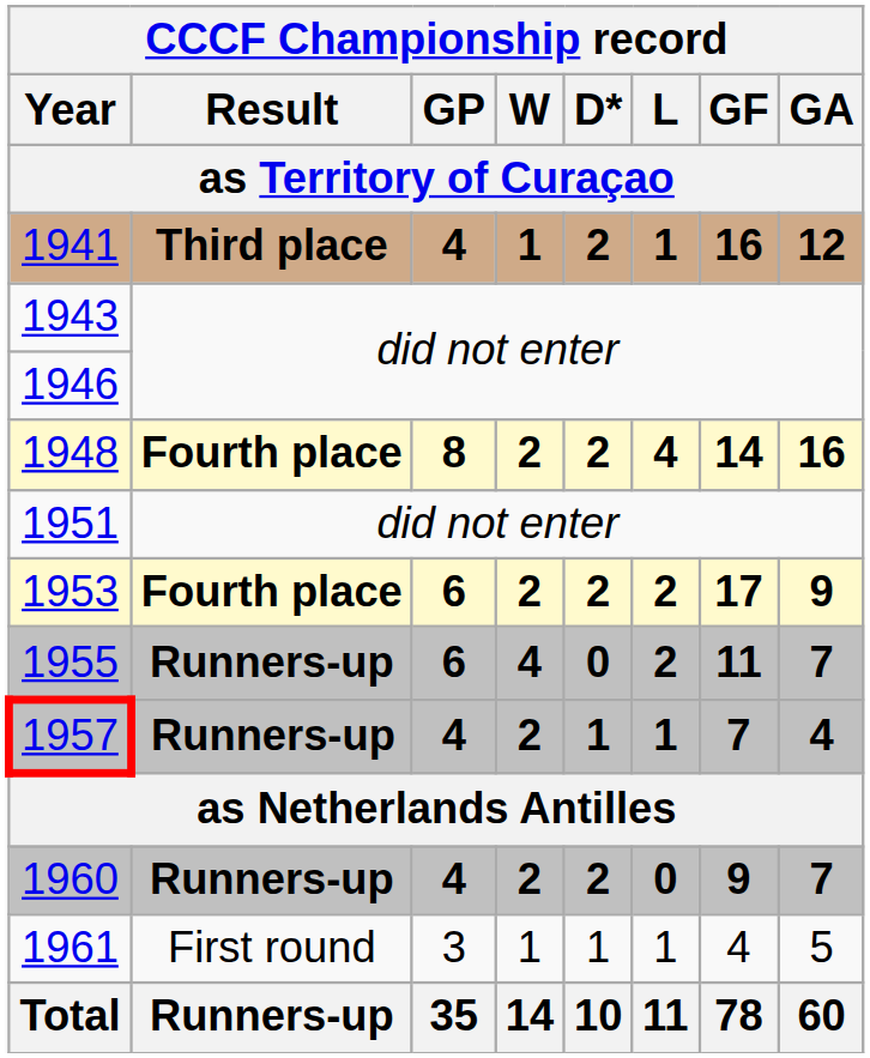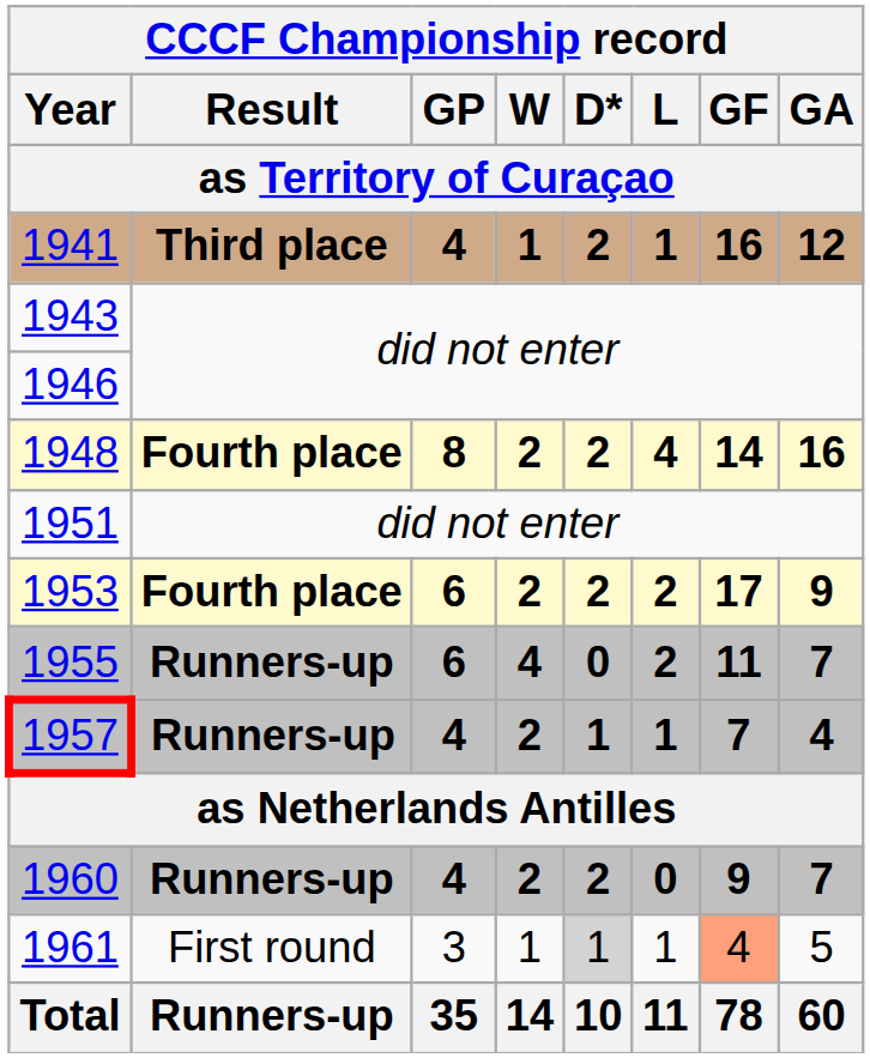 <table class="wikitable" style="text-align: center;">
 <tr>
 <th colspan=8><a href='#'>CCCF Championship</a> record</th>
 </tr>
 <tr>
 <th>Year</th>
 <th>Result</th>
 <th>GP</th>
 <th>W</th>
 <th>D*</th>
 <th>L</th>
 <th>GF</th>
 <th>GA</th>
 </tr>
 <tr>
 <th colspan=8>as  <a href='#'>Territory of Curaçao</a></th>
 </tr>
 <tr bgcolor=#cfaa88>
 <td> <a href='#'>1941</a></td>
 <td><strong>Third place</strong></td>
 <td><strong>4</strong></td>
 <td><strong>1</strong></td>
 <td><strong>2</strong></td>
 <td><strong>1</strong></td>
 <td><strong>16</strong></td>
 <td><strong>12</strong></td>
 </tr>
 <tr>
 <td> <a href='#'>1943</a></td>
 <td colspan=7 rowspan=2><em>did not enter</em></td>
 </tr>
 <tr>
 <td> <a href='#'>1946</a></td>
 </tr>
 <tr bgcolor=LemonChiffon>
 <td> <a href='#'>1948</a></td>
 <td><strong>Fourth place</strong></td>
 <td><strong>8</strong></td>
 <td><strong>2</strong></td>
 <td><strong>2</strong></td>
 <td><strong>4</strong></td>
 <td><strong>14</strong></td>
 <td><strong>16</strong></td>
 </tr>
 <tr>
 <td> <a href='#'>1951</a></td>
 <td colspan=7><em>did not enter</em></td>
 </tr>
 <tr bgcolor=LemonChiffon>
 <td> <a href='#'>1953</a></td>
 <td><strong>Fourth place</strong></td>
 <td><strong>6</strong></td>
 <td><strong>2</strong></td>
 <td><strong>2</strong></td>
 <td><strong>2</strong></td>
 <td><strong>17</strong></td>
 <td><strong>9</strong></td>
 </tr>
 <tr bgcolor=Silver>
 <td> <a href='#'>1955</a></td>
 <td><strong>Runners-up</strong></td>
 <td><strong>6</strong></td>
 <td><strong>4</strong></td>
 <td><strong>0</strong></td>
 <td><strong>2</strong></td>
 <td><strong>11</strong></td>
 <td><strong>7</strong></td>
 </tr>
 <tr bgcolor=Silver>
 <td style="border:3px solid red"> <a href='#'>1957</a></td>
 <td><strong>Runners-up</strong></td>
 <td><strong>4</strong></td>
 <td><strong>2</strong></td>
 <td><strong>1</strong></td>
 <td><strong>1</strong></td>
 <td><strong>7</strong></td>
 <td><strong>4</strong></td>
 </tr>
 <tr>
 <th colspan=8>as  Netherlands Antilles</th>
 </tr>
 <tr bgcolor=Silver>
 <td> <a href='#'>1960</a></td>
 <td><strong>Runners-up</strong></td>
 <td><strong>4</strong></td>
 <td><strong>2</strong></td>
 <td><strong>2</strong></td>
 <td><strong>0</strong></td>
 <td><strong>9</strong></td>
 <td><strong>7</strong></td>
 </tr>
 <tr>
 <td> <a href='#'>1961</a></td>
 <td>First round</td>
 <td>3</td>
 <td>1</td>
+<td style="background: lightgrey;">1</td>
 <td>1</td>
-<td>1</td>
-<td>4</td>
+<td style="background: lightsalmon;">4</td>
 <td>5</td>
 </tr>
 <tr>
 <th>Total</th>
 <th>Runners-up</th>
 <th>35</th>
 <th>14</th>
 <th>10</th>
 <th>11</th>
 <th>78</th>
 <th>60</th>
 </tr>
 </table>
